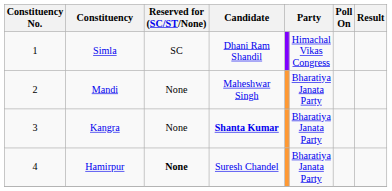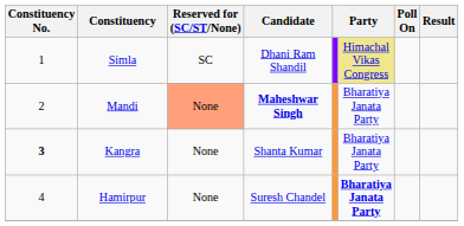 <table class="wikitable sortable" style="text-align:center">
 <tr>
 <th>Constituency No.</th>
 <th style="width:180px;">Constituency</th>
 <th>Reserved for<br>(<a href='#'>SC/ST</a>/None)</th>
 <th style="width:200px;">Candidate</th>
 <th colspan="2">Party</th>
 <th>Poll On</th>
 <th>Result</th>
 </tr>
 <tr>
 <td>1</td>
 <td><a href='#'>Simla</a></td>
 <td>SC</td>
 <td><a href='#'>Dhani Ram Shandil</a></td>
 <td bgcolor=#7F00FF></td>
-<td><a href='#'>Himachal Vikas Congress</a></td>
+<td style="background: khaki;"><a href='#'>Himachal Vikas Congress</a></td>
 <td></td>
 <td></td>
 </tr>
 <tr>
 <td>2</td>
 <td><a href='#'>Mandi</a></td>
-<td>None</td>
-<td><a href='#'>Maheshwar Singh</a></td>
+<td style="background: lightsalmon;">None</td>
+<td><strong><a href='#'>Maheshwar Singh</a></strong></td>
 <td bgcolor=#FF9933></td>
 <td><a href='#'>Bharatiya Janata Party</a></td>
 <td></td>
 <td></td>
 </tr>
 <tr>
-<td>3</td>
+<td><strong>3</strong></td>
 <td><a href='#'>Kangra</a></td>
 <td>None</td>
-<td><strong><a href='#'>Shanta Kumar</a></strong></td>
+<td><a href='#'>Shanta Kumar</a></td>
 <td bgcolor=#FF9933></td>
 <td><a href='#'>Bharatiya Janata Party</a></td>
 <td></td>
 <td></td>
 </tr>
 <tr>
 <td>4</td>
 <td><a href='#'>Hamirpur</a></td>
-<td><strong>None</strong></td>
+<td>None</td>
 <td><a href='#'>Suresh Chandel</a></td>
 <td bgcolor=#FF9933></td>
-<td><a href='#'>Bharatiya Janata Party</a></td>
+<td><strong><a href='#'>Bharatiya Janata Party</a></strong></td>
 <td></td>
 <td></td>
 </tr>
 <tr>
 </tr>
 </table>
